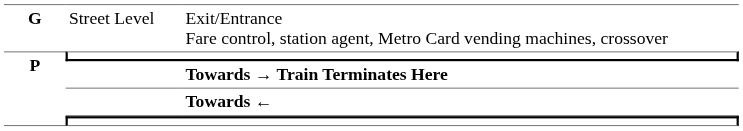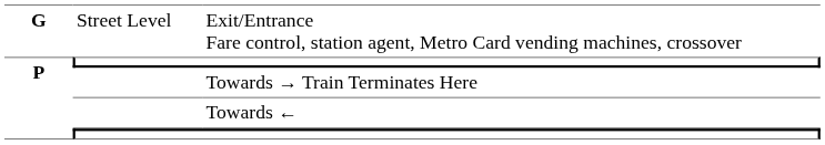 <table border="0" cellspacing="0" cellpadding="3">
 <tr>
 <th width="50" valign="top" style="border-top:solid 1px gray;"><strong>G</strong></th>
 <td width="100" valign="top" style="border-top:solid 1px gray;">Street Level</td>
 <td width="500" valign="top" style="border-top:solid 1px gray;">Exit/Entrance<br>Fare control, station agent, Metro Card vending machines, crossover</td>
 </tr>
 <tr>
 <th rowspan="4" width="50" valign="top" style="border-top:solid 1px gray;border-bottom:solid 1px gray;"><strong>P</strong></th>
 <td colspan="2" style="border-top:solid 1px gray;border-right:solid 2px black;border-left:solid 2px black;border-bottom:solid 2px black;text-align:center;"></td>
 </tr>
 <tr>
 <td width="100" style="border-bottom:solid 1px gray;"></td>
-<td width="500" style="border-bottom:solid 1px gray;"><strong>Towards → Train Terminates Here</strong></td>
+<td width="500" style="border-bottom:solid 1px gray;">Towards → Train Terminates Here</td>
 </tr>
 <tr>
 <td width="100" style="border-bottom:solid 1px gray;"></td>
-<td width="500" style="border-bottom:solid 1px gray;"><strong>Towards ←  </strong></td>
+<td width="500" style="border-bottom:solid 1px gray;">Towards ←  </td>
 </tr>
 <tr>
 <td colspan="2" style="border-top:solid 2px black;border-right:solid 2px black;border-left:solid 2px black;border-bottom:solid 1px gray;text-align:center;"></td>
 </tr>
 </table>
